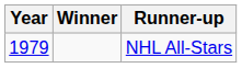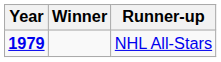 <table class="wikitable">
 <tr>
 <th>Year</th>
 <th>Winner</th>
 <th>Runner-up</th>
 </tr>
 <tr>
-<td><a href='#'>1979</a></td>
+<td><strong><a href='#'>1979</a></strong></td>
 <td></td>
 <td><a href='#'>NHL All-Stars</a></td>
 </tr>
 </table>
